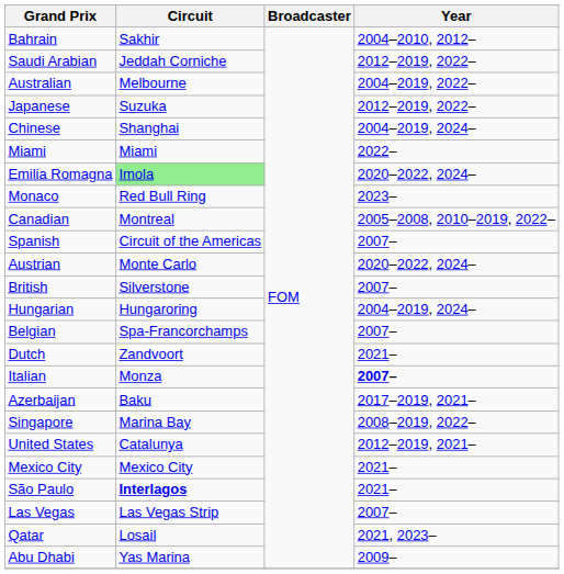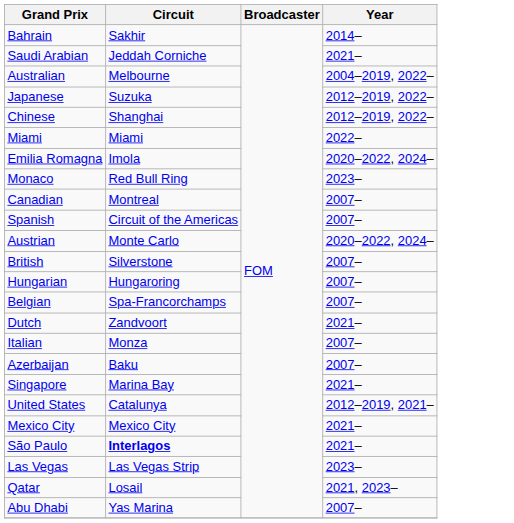 <table class="wikitable" style="align:left">
 <tr>
 <th>Grand Prix</th>
 <th>Circuit</th>
 <th>Broadcaster</th>
 <th>Year</th>
 </tr>
 <tr>
 <td><a href='#'>Bahrain</a></td>
 <td><a href='#'>Sakhir</a></td>
 <td rowspan="24"><a href='#'>FOM</a></td>
-<td><a href='#'>2004</a>–<a href='#'>2010</a>, <a href='#'>2012</a>–</td>
+<td><a href='#'>2014</a>–</td>
 </tr>
 <tr>
 <td><a href='#'>Saudi Arabian</a></td>
 <td><a href='#'>Jeddah Corniche</a></td>
-<td><a href='#'>2012</a>–<a href='#'>2019</a>, <a href='#'>2022</a>–</td>
+<td><a href='#'>2021</a>–</td>
 </tr>
 <tr>
 <td><a href='#'>Australian</a></td>
 <td><a href='#'>Melbourne</a></td>
 <td><a href='#'>2004</a>–<a href='#'>2019</a>, <a href='#'>2022</a>–</td>
 </tr>
 <tr>
 <td><a href='#'>Japanese</a></td>
 <td><a href='#'>Suzuka</a></td>
 <td><a href='#'>2012</a>–<a href='#'>2019</a>, <a href='#'>2022</a>–</td>
 </tr>
 <tr>
 <td><a href='#'>Chinese</a></td>
 <td><a href='#'>Shanghai</a></td>
-<td><a href='#'>2004</a>–<a href='#'>2019</a>, <a href='#'>2024</a>–</td>
+<td><a href='#'>2012</a>–<a href='#'>2019</a>, <a href='#'>2022</a>–</td>
 </tr>
 <tr>
 <td><a href='#'>Miami</a></td>
 <td><a href='#'>Miami</a></td>
 <td><a href='#'>2022</a>–</td>
 </tr>
 <tr>
 <td><a href='#'>Emilia Romagna</a></td>
-<td style="background: lightgreen;"><a href='#'>Imola</a></td>
+<td><a href='#'>Imola</a></td>
 <td><a href='#'>2020</a>–<a href='#'>2022</a>, <a href='#'>2024</a>–</td>
 </tr>
 <tr>
 <td><a href='#'>Monaco</a></td>
 <td><a href='#'>Red Bull Ring</a></td>
 <td><a href='#'>2023</a>–</td>
 </tr>
 <tr>
 <td><a href='#'>Canadian</a></td>
 <td><a href='#'>Montreal</a></td>
-<td><a href='#'>2005</a>–<a href='#'>2008</a>, <a href='#'>2010</a>–<a href='#'>2019</a>, <a href='#'>2022</a>–</td>
+<td><a href='#'>2007</a>–</td>
 </tr>
 <tr>
 <td><a href='#'>Spanish</a></td>
 <td><a href='#'>Circuit of the Americas</a></td>
 <td><a href='#'>2007</a>–</td>
 </tr>
 <tr>
 <td><a href='#'>Austrian</a></td>
 <td><a href='#'>Monte Carlo</a></td>
 <td><a href='#'>2020</a>–<a href='#'>2022</a>, <a href='#'>2024</a>–</td>
 </tr>
 <tr>
 <td><a href='#'>British</a></td>
 <td><a href='#'>Silverstone</a></td>
 <td><a href='#'>2007</a>–</td>
 </tr>
 <tr>
 <td><a href='#'>Hungarian</a></td>
 <td><a href='#'>Hungaroring</a></td>
-<td><a href='#'>2004</a>–<a href='#'>2019</a>, <a href='#'>2024</a>–</td>
+<td><a href='#'>2007</a>–</td>
 </tr>
 <tr>
 <td><a href='#'>Belgian</a></td>
 <td><a href='#'>Spa-Francorchamps</a></td>
 <td><a href='#'>2007</a>–</td>
 </tr>
 <tr>
 <td><a href='#'>Dutch</a></td>
 <td><a href='#'>Zandvoort</a></td>
 <td><a href='#'>2021</a>–</td>
 </tr>
 <tr>
 <td><a href='#'>Italian</a></td>
 <td><a href='#'>Monza</a></td>
-<td><strong><a href='#'>2007</a>–</strong></td>
+<td><a href='#'>2007</a>–</td>
 </tr>
 <tr>
 <td><a href='#'>Azerbaijan</a></td>
 <td><a href='#'>Baku</a></td>
-<td><a href='#'>2017</a>–<a href='#'>2019</a>, <a href='#'>2021</a>–</td>
+<td><a href='#'>2007</a>–</td>
 </tr>
 <tr>
 <td><a href='#'>Singapore</a></td>
 <td><a href='#'>Marina Bay</a></td>
-<td><a href='#'>2008</a>–<a href='#'>2019</a>, <a href='#'>2022</a>–</td>
+<td><a href='#'>2021</a>–</td>
 </tr>
 <tr>
 <td><a href='#'>United States</a></td>
 <td><a href='#'>Catalunya</a></td>
 <td><a href='#'>2012</a>–<a href='#'>2019</a>, <a href='#'>2021</a>–</td>
 </tr>
 <tr>
 <td><a href='#'>Mexico City</a></td>
 <td><a href='#'>Mexico City</a></td>
 <td><a href='#'>2021</a>–</td>
 </tr>
 <tr>
 <td><a href='#'>São Paulo</a></td>
 <td><strong><a href='#'>Interlagos</a></strong></td>
 <td><a href='#'>2021</a>–</td>
 </tr>
 <tr>
 <td><a href='#'>Las Vegas</a></td>
 <td><a href='#'>Las Vegas Strip</a></td>
-<td><a href='#'>2007</a>–</td>
+<td><a href='#'>2023</a>–</td>
 </tr>
 <tr>
 <td><a href='#'>Qatar</a></td>
 <td><a href='#'>Losail</a></td>
 <td><a href='#'>2021</a>, <a href='#'>2023</a>–</td>
 </tr>
 <tr>
 <td><a href='#'>Abu Dhabi</a></td>
 <td><a href='#'>Yas Marina</a></td>
-<td><a href='#'>2009</a>–</td>
+<td><a href='#'>2007</a>–</td>
 </tr>
 <tr>
 </tr>
 </table>
